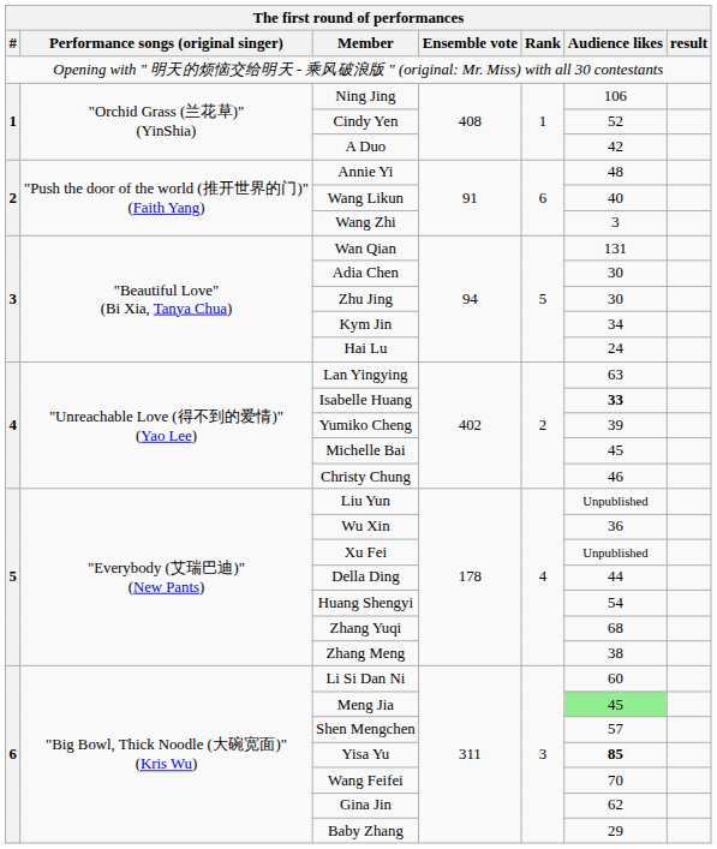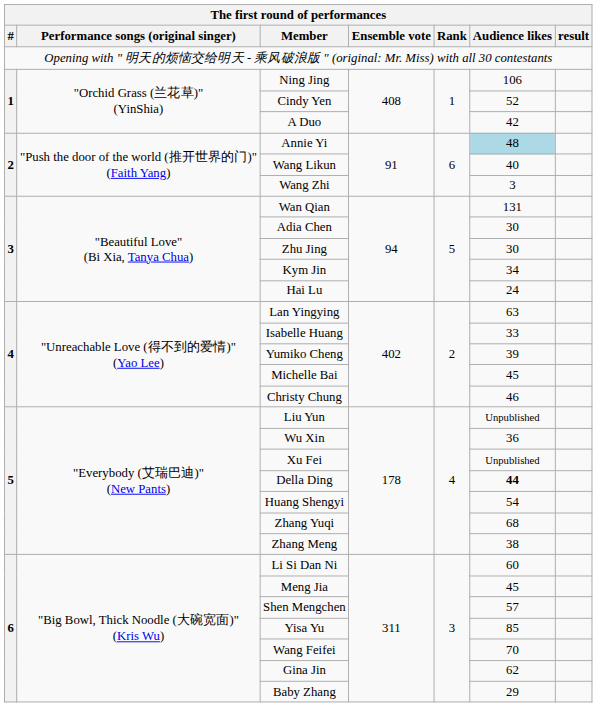 <table class="wikitable sortable" style="text-align:center; font-size: 85%;">
 <tr>
 <th colspan="7">The first round of performances</th>
 </tr>
 <tr>
 <th>#</th>
 <th>Performance songs (original singer)</th>
 <th>Member</th>
 <th>Ensemble vote</th>
 <th>Rank</th>
 <th>Audience likes</th>
 <th>result</th>
 </tr>
 <tr>
 <td colspan="7"><em>Opening with " 明天的烦恼交给明天 - 乘风破浪版 "  (original: Mr. Miss) with all 30 contestants</em></td>
 </tr>
 <tr>
 <th rowspan="3">1</th>
 <td rowspan="3">"Orchid Grass (兰花草)"<br>(YinShia)</td>
 <td>Ning Jing</td>
 <td rowspan="3">408</td>
 <td rowspan="3">1</td>
 <td>106</td>
 <td></td>
 </tr>
 <tr>
 <td>Cindy Yen</td>
 <td>52</td>
 <td></td>
 </tr>
 <tr>
 <td>A Duo</td>
 <td>42</td>
 <td></td>
 </tr>
 <tr>
 <th rowspan="3">2</th>
 <td rowspan="3">"Push the door of the world (推开世界的门)"<br>(<a href='#'>Faith Yang</a>)</td>
 <td>Annie Yi</td>
 <td rowspan="3">91</td>
 <td rowspan="3">6</td>
-<td>48</td>
+<td style="background: lightblue;">48</td>
 <td></td>
 </tr>
 <tr>
 <td>Wang Likun</td>
 <td>40</td>
 <td></td>
 </tr>
 <tr>
 <td>Wang Zhi</td>
 <td>3</td>
 <td></td>
 </tr>
 <tr>
 <th rowspan="5">3</th>
 <td rowspan="5">"Beautiful Love"<br>(Bi Xia, <a href='#'>Tanya Chua</a>)</td>
 <td>Wan Qian</td>
 <td rowspan="5">94</td>
 <td rowspan="5">5</td>
 <td>131</td>
 <td></td>
 </tr>
 <tr>
 <td>Adia Chen</td>
 <td>30</td>
 <td></td>
 </tr>
 <tr>
 <td>Zhu Jing</td>
 <td>30</td>
 <td></td>
 </tr>
 <tr>
 <td>Kym Jin</td>
 <td>34</td>
 <td></td>
 </tr>
 <tr>
 <td>Hai Lu</td>
 <td>24</td>
 <td></td>
 </tr>
 <tr>
 <th rowspan="5">4</th>
 <td rowspan="5">"Unreachable Love (得不到的爱情)"<br>(<a href='#'>Yao Lee</a>)</td>
 <td>Lan Yingying</td>
 <td rowspan="5">402</td>
 <td rowspan="5">2</td>
 <td>63</td>
 <td></td>
 </tr>
 <tr>
 <td>Isabelle Huang</td>
-<td><strong>33</strong></td>
+<td>33</td>
 <td></td>
 </tr>
 <tr>
 <td>Yumiko Cheng</td>
 <td>39</td>
 <td></td>
 </tr>
 <tr>
 <td>Michelle Bai</td>
 <td>45</td>
 <td></td>
 </tr>
 <tr>
 <td>Christy Chung</td>
 <td>46</td>
 <td></td>
 </tr>
 <tr>
 <th rowspan="7">5</th>
 <td rowspan="7">"Everybody (艾瑞巴迪)"<br>(<a href='#'>New Pants</a>)</td>
 <td>Liu Yun</td>
 <td rowspan="7">178</td>
 <td rowspan="7">4</td>
 <td><small>Unpublished</small></td>
 <td></td>
 </tr>
 <tr>
 <td>Wu Xin</td>
 <td>36</td>
 <td></td>
 </tr>
 <tr>
 <td>Xu Fei</td>
 <td><small>Unpublished</small></td>
 <td></td>
 </tr>
 <tr>
 <td>Della Ding</td>
-<td>44</td>
+<td><strong>44</strong></td>
 <td></td>
 </tr>
 <tr>
 <td>Huang Shengyi</td>
 <td>54</td>
 <td></td>
 </tr>
 <tr>
 <td>Zhang Yuqi</td>
 <td>68</td>
 <td></td>
 </tr>
 <tr>
 <td>Zhang Meng</td>
 <td>38</td>
 <td></td>
 </tr>
 <tr>
 <th rowspan="7">6</th>
 <td rowspan="7">"Big Bowl, Thick Noodle (大碗宽面)"<br>(<a href='#'>Kris Wu</a>)</td>
 <td>Li Si Dan Ni</td>
 <td rowspan="7">311</td>
 <td rowspan="7">3</td>
 <td>60</td>
 <td></td>
 </tr>
 <tr>
 <td>Meng Jia</td>
-<td style="background: lightgreen;">45</td>
+<td>45</td>
 <td></td>
 </tr>
 <tr>
 <td>Shen Mengchen</td>
 <td>57</td>
 <td></td>
 </tr>
 <tr>
 <td>Yisa Yu</td>
-<td><strong>85</strong></td>
+<td>85</td>
 <td></td>
 </tr>
 <tr>
 <td>Wang Feifei</td>
 <td>70</td>
 <td></td>
 </tr>
 <tr>
 <td>Gina Jin</td>
 <td>62</td>
 <td></td>
 </tr>
 <tr>
 <td>Baby Zhang</td>
 <td>29</td>
 <td></td>
 </tr>
 </table>
